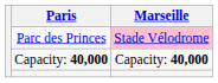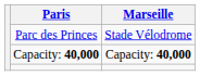 <table class="wikitable" style="text-align:center">
 <tr>
 <th rowspan="4"></th>
 <th><a href='#'>Paris</a></th>
 <th><a href='#'>Marseille</a></th>
 </tr>
 <tr>
 <td><a href='#'>Parc des Princes</a></td>
-<td style="background: pink;"><a href='#'>Stade Vélodrome</a></td>
+<td><a href='#'>Stade Vélodrome</a></td>
 </tr>
 <tr>
 <td>Capacity: <strong>40,000</strong></td>
 <td>Capacity: <strong>40,000</strong></td>
 </tr>
 <tr>
 <td></td>
 <td></td>
 </tr>
 </table>
